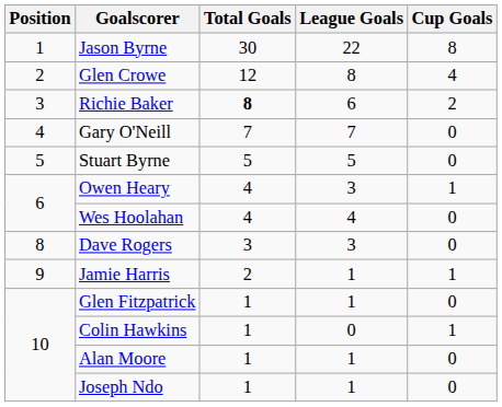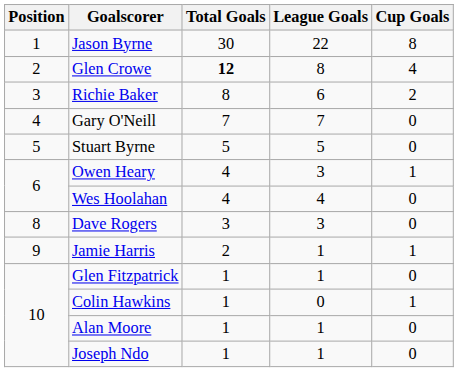 <table class="wikitable" style="text-align:center">
 <tr>
 <th>Position</th>
 <th>Goalscorer</th>
 <th>Total Goals</th>
 <th>League Goals</th>
 <th>Cup Goals</th>
 </tr>
 <tr>
 <td>1</td>
 <td align=left> <a href='#'>Jason Byrne</a></td>
 <td>30</td>
 <td>22</td>
 <td>8</td>
 </tr>
 <tr>
 <td>2</td>
 <td align=left> <a href='#'>Glen Crowe</a></td>
-<td>12</td>
+<td><strong>12</strong></td>
 <td>8</td>
 <td>4</td>
 </tr>
 <tr>
 <td>3</td>
 <td align=left> <a href='#'>Richie Baker</a></td>
-<td><strong>8</strong></td>
+<td>8</td>
 <td>6</td>
 <td>2</td>
 </tr>
 <tr>
 <td>4</td>
 <td align=left> Gary O'Neill</td>
 <td>7</td>
 <td>7</td>
 <td>0</td>
 </tr>
 <tr>
 <td>5</td>
 <td align=left> Stuart Byrne</td>
 <td>5</td>
 <td>5</td>
 <td>0</td>
 </tr>
 <tr>
 <td rowspan=2>6</td>
 <td align=left> <a href='#'>Owen Heary</a></td>
 <td>4</td>
 <td>3</td>
 <td>1</td>
 </tr>
 <tr>
 <td align=left> <a href='#'>Wes Hoolahan</a></td>
 <td>4</td>
 <td>4</td>
 <td>0</td>
 </tr>
 <tr>
 <td>8</td>
 <td align=left> <a href='#'>Dave Rogers</a></td>
 <td>3</td>
 <td>3</td>
 <td>0</td>
 </tr>
 <tr>
 <td>9</td>
 <td align=left> <a href='#'>Jamie Harris</a></td>
 <td>2</td>
 <td>1</td>
 <td>1</td>
 </tr>
 <tr>
 <td rowspan=4>10</td>
 <td align=left> <a href='#'>Glen Fitzpatrick</a></td>
 <td>1</td>
 <td>1</td>
 <td>0</td>
 </tr>
 <tr>
 <td align=left> <a href='#'>Colin Hawkins</a></td>
 <td>1</td>
 <td>0</td>
 <td>1</td>
 </tr>
 <tr>
 <td align=left> <a href='#'>Alan Moore</a></td>
 <td>1</td>
 <td>1</td>
 <td>0</td>
 </tr>
 <tr>
 <td align=left> <a href='#'>Joseph Ndo</a></td>
 <td>1</td>
 <td>1</td>
 <td>0</td>
 </tr>
 </table>
